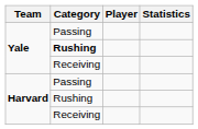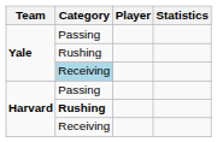 <table class="wikitable" style="float: right;">
 <tr>
 <th>Team</th>
 <th>Category</th>
 <th>Player</th>
 <th>Statistics</th>
 </tr>
 <tr>
 <td rowspan=3><strong>Yale</strong></td>
 <td>Passing</td>
 <td></td>
 <td></td>
 </tr>
 <tr>
-<td><strong>Rushing</strong></td>
+<td>Rushing</td>
 <td></td>
 <td></td>
 </tr>
 <tr>
-<td>Receiving</td>
+<td style="background: lightblue;">Receiving</td>
 <td></td>
 <td></td>
 </tr>
 <tr>
 <td rowspan=3><strong>Harvard</strong></td>
 <td>Passing</td>
 <td></td>
 <td></td>
 </tr>
 <tr>
-<td>Rushing</td>
+<td><strong>Rushing</strong></td>
 <td></td>
 <td></td>
 </tr>
 <tr>
 <td>Receiving</td>
 <td></td>
 <td></td>
 </tr>
 </table>
